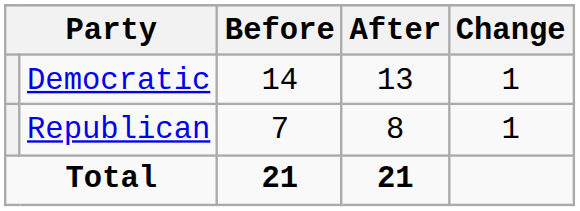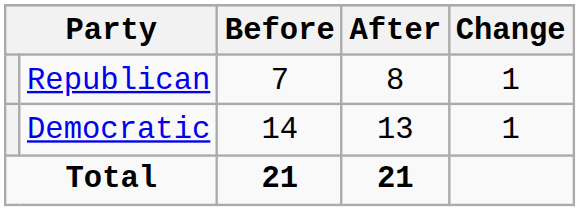 <table class="wikitable" style="text-align:center;">
 <tr>
 </tr>
 <tr>
 <th colspan=2>Party</th>
 <th>Before</th>
 <th>After</th>
 <th>Change</th>
 </tr>
 <tr>
 <th style="background-color:"></th>
-<td style="text-align:left;"><a href='#'>Democratic</a></td>
-<td>14</td>
-<td>13</td>
+<td style="text-align:left;"><a href='#'>Republican</a></td>
+<td>7</td>
+<td>8</td>
 <td> 1</td>
 </tr>
 <tr>
 <th style="background-color:"></th>
-<td style="text-align:left;"><a href='#'>Republican</a></td>
-<td>7</td>
-<td>8</td>
+<td style="text-align:left;"><a href='#'>Democratic</a></td>
+<td>14</td>
+<td>13</td>
 <td> 1</td>
 </tr>
 <tr>
 <td colspan=2><strong>Total</strong></td>
 <td><strong>21</strong></td>
 <td><strong>21</strong></td>
 <td></td>
 </tr>
 </table>
